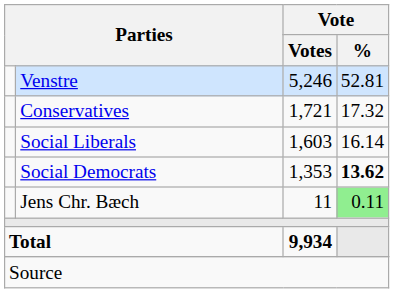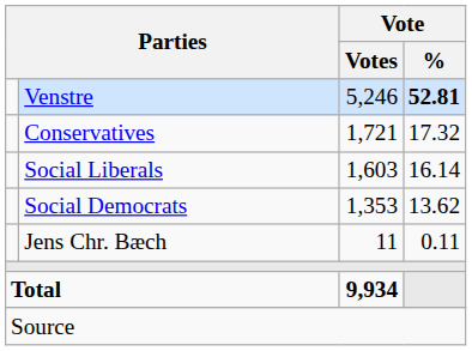 <table class="wikitable" style="text-align:right;">
 <tr>
 <th style="text-align:centre;" rowspan="2" colspan="2" width="225">Parties</th>
 <th colspan="3">Vote</th>
 </tr>
 <tr>
 <th width="15">Votes</th>
 <th width="15">%</th>
 </tr>
 <tr>
 <td width="2" style="color:inherit;background:"></td>
 <td bgcolor=#cfe5fe  align="left"><a href='#'>Venstre</a></td>
 <td bgcolor=#cfe5fe>5,246</td>
-<td bgcolor=#cfe5fe>52.81</td>
+<td bgcolor=#cfe5fe><strong>52.81</strong></td>
 </tr>
 <tr>
 <td width="2" style="color:inherit;background:"></td>
 <td align="left"><a href='#'>Conservatives</a></td>
 <td>1,721</td>
 <td>17.32</td>
 </tr>
 <tr>
 <td width="2" style="color:inherit;background:"></td>
 <td align="left"><a href='#'>Social Liberals</a></td>
 <td>1,603</td>
 <td>16.14</td>
 </tr>
 <tr>
 <td width="2" style="color:inherit;background:"></td>
 <td align="left"><a href='#'>Social Democrats</a></td>
 <td>1,353</td>
-<td><strong>13.62</strong></td>
+<td>13.62</td>
 </tr>
 <tr>
 <td width="2" style="color:inherit;background:"></td>
 <td align="left">Jens Chr. Bæch</td>
 <td>11</td>
-<td style="background: lightgreen;">0.11</td>
+<td>0.11</td>
 </tr>
 <tr>
 <td colspan="7" bgcolor="#E9E9E9"></td>
 </tr>
 <tr>
 <td align="left" colspan="2"><strong>Total</strong></td>
 <td><strong>9,934</strong></td>
 <td bgcolor="#E9E9E9" colspan="2"></td>
 </tr>
 <tr>
 </tr>
 <tr>
 <td align="left" colspan="6">Source</td>
 </tr>
 </table>
